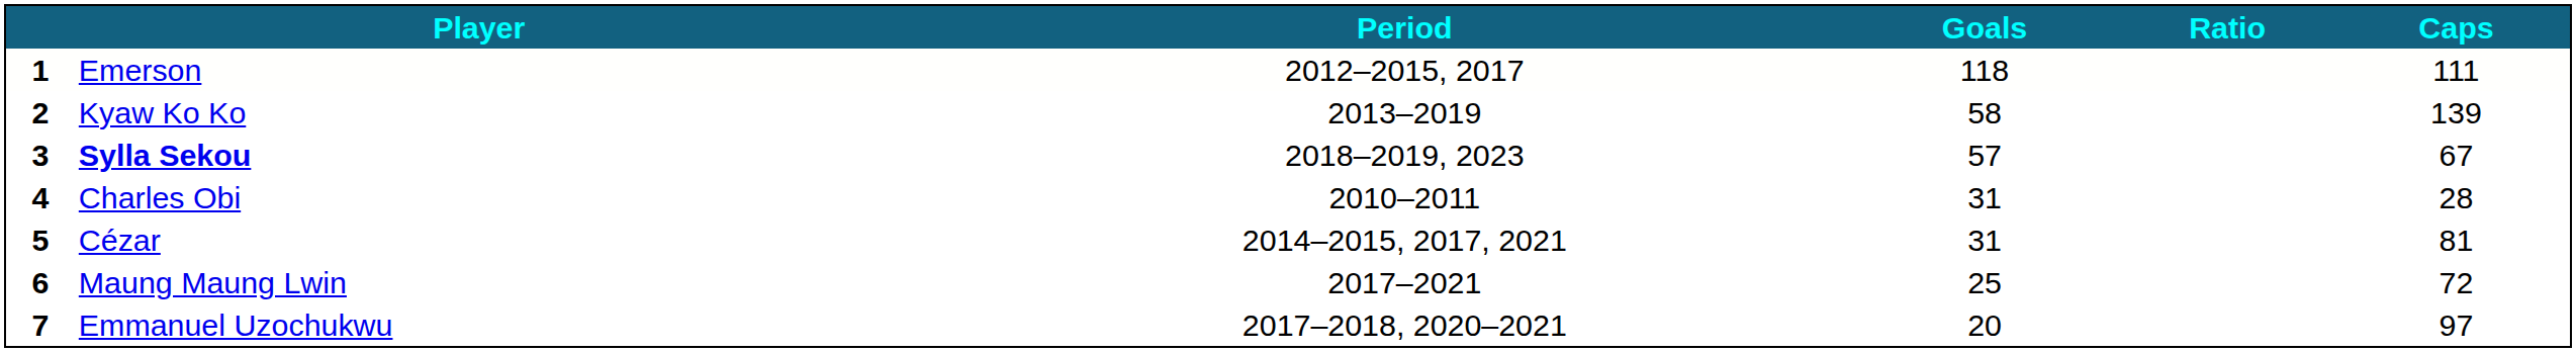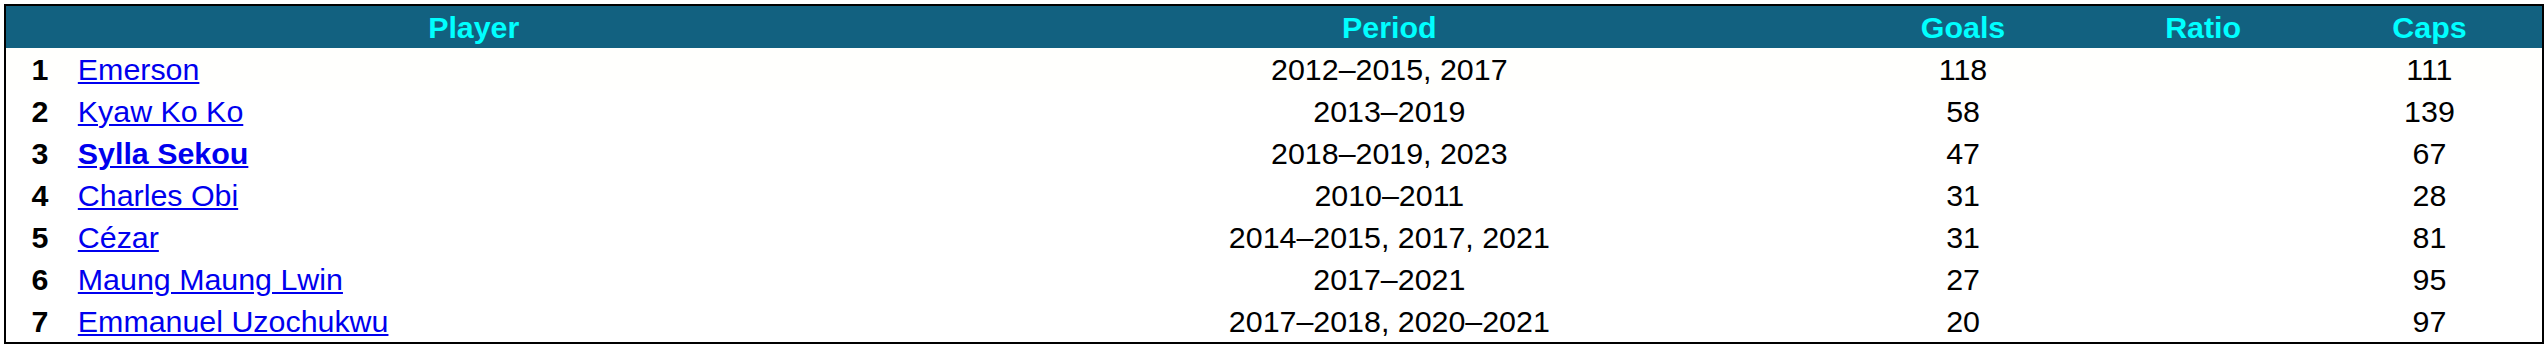 <table cellpadding="2" cellspacing="0" style="margin: 1em 0; border: 1px solid #000000; border-right-width: 1px; border-bottom-width: 1px; background-color:#FFFFFD; width:64%; font-size: 95%;">
 <tr style="background:white;">
 </tr>
 <tr style="background:#126180; color:#00FFFF;">
 <th colspan=2 align="center">Player</th>
 <th align="center" abbr="Period">Period</th>
 <th align="center">Goals</th>
 <th align="center">Ratio</th>
 <th align="center">Caps</th>
 </tr>
 <tr>
 <th>1</th>
 <td> <a href='#'>Emerson</a></td>
 <td align="center">2012–2015, 2017</td>
 <td align="center">118</td>
 <td></td>
 <td align="center">111</td>
 </tr>
 <tr style="background:white;"|>
 <th>2</th>
 <td> <a href='#'>Kyaw Ko Ko</a></td>
 <td align="center">2013–2019</td>
 <td align="center">58</td>
 <td></td>
 <td align="center">139</td>
 </tr>
 <tr style="background:white;"|>
 <th>3</th>
 <td> <strong><a href='#'>Sylla Sekou</a></strong></td>
 <td align="center">2018–2019, 2023</td>
-<td align="center">57</td>
+<td align="center">47</td>
 <td></td>
 <td align="center">67</td>
 </tr>
 <tr style="background:white;"|>
 <th>4</th>
 <td> <a href='#'>Charles Obi</a></td>
 <td align="center">2010–2011</td>
 <td align="center">31</td>
 <td></td>
 <td align="center">28</td>
 </tr>
 <tr style="background:white;"|>
 <th>5</th>
 <td> <a href='#'>Cézar</a></td>
 <td align="center">2014–2015, 2017, 2021</td>
 <td align="center">31</td>
 <td></td>
 <td align="center">81</td>
 </tr>
 <tr style="background:white;"|>
 <th>6</th>
 <td> <a href='#'>Maung Maung Lwin</a></td>
 <td align="center">2017–2021</td>
-<td align="center">25</td>
+<td align="center">27</td>
 <td></td>
-<td align="center">72</td>
+<td align="center">95</td>
 </tr>
 <tr style="background:white;"|>
 <th>7</th>
 <td> <a href='#'>Emmanuel Uzochukwu</a></td>
 <td align="center">2017–2018, 2020–2021</td>
 <td align="center">20</td>
 <td></td>
 <td align="center">97</td>
 </tr>
 <tr style="background:white;"|>
 </tr>
 </table>
